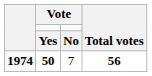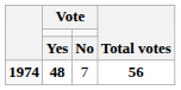 <table class=wikitable style="text-align:center">
 <tr style="vertical-align:bottom;">
 <th rowspan=3></th>
 <th colspan=2>Vote</th>
 <th rowspan=3>Total votes</th>
 </tr>
 <tr style="height:5px">
 <td style="background-color:"></td>
 <td style="background-color:"></td>
 </tr>
 <tr style="vertical-align:bottom;">
 <th>Yes</th>
 <th>No</th>
 </tr>
 <tr>
 <td><strong>1974</strong></td>
-<td style="background:#fff;"><strong>50</strong></td>
+<td style="background:#fff;"><strong>48</strong></td>
 <td style="background:#fff;">7</td>
 <td style="background:#fff;"><strong>56</strong></td>
 </tr>
 </table>
